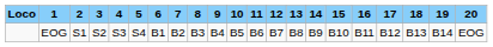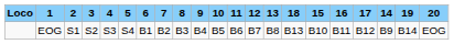 <table class="wikitable plainrowheaders unsortable" style="text-align:center">
 <tr>
 <th scope="col" rowspan="1" style="background:lightskyblue;">Loco</th>
 <th scope="col" rowspan="1" style="background:lightskyblue;">1</th>
 <th scope="col" rowspan="1" style="background:lightskyblue;">2</th>
 <th scope="col" rowspan="1" style="background:lightskyblue;">3</th>
 <th scope="col" rowspan="1" style="background:lightskyblue;">4</th>
 <th scope="col" rowspan="1" style="background:lightskyblue;">5</th>
 <th scope="col" rowspan="1" style="background:lightskyblue;">6</th>
 <th scope="col" rowspan="1" style="background:lightskyblue;">7</th>
 <th scope="col" rowspan="1" style="background:lightskyblue;">8</th>
 <th scope="col" rowspan="1" style="background:lightskyblue;">9</th>
 <th scope="col" rowspan="1" style="background:lightskyblue;">10</th>
 <th scope="col" rowspan="1" style="background:lightskyblue;">11</th>
 <th scope="col" rowspan="1" style="background:lightskyblue;">12</th>
 <th scope="col" rowspan="1" style="background:lightskyblue;">13</th>
-<th scope="col" rowspan="1" style="background:lightskyblue;">14</th>
+<th scope="col" rowspan="1" style="background:lightskyblue;">18</th>
 <th scope="col" rowspan="1" style="background:lightskyblue;">15</th>
 <th scope="col" rowspan="1" style="background:lightskyblue;">16</th>
 <th scope="col" rowspan="1" style="background:lightskyblue;">17</th>
-<th scope="col" rowspan="1" style="background:lightskyblue;">18</th>
+<th scope="col" rowspan="1" style="background:lightskyblue;">14</th>
 <th scope="col" rowspan="1" style="background:lightskyblue;">19</th>
 <th scope="col" rowspan="1" style="background:lightskyblue;">20</th>
 </tr>
 <tr>
 <td></td>
 <td>EOG</td>
 <td>S1</td>
 <td>S2</td>
 <td>S3</td>
 <td>S4</td>
 <td>B1</td>
 <td>B2</td>
 <td>B3</td>
 <td>B4</td>
 <td>B5</td>
 <td>B6</td>
 <td>B7</td>
 <td>B8</td>
-<td>B9</td>
+<td>B13</td>
 <td>B10</td>
 <td>B11</td>
 <td>B12</td>
-<td>B13</td>
+<td>B9</td>
 <td>B14</td>
 <td>EOG</td>
 </tr>
 </table>
